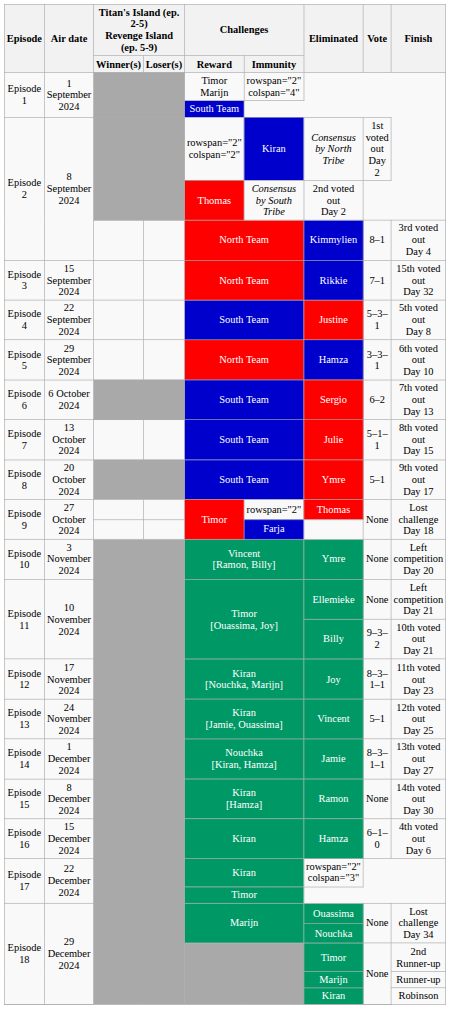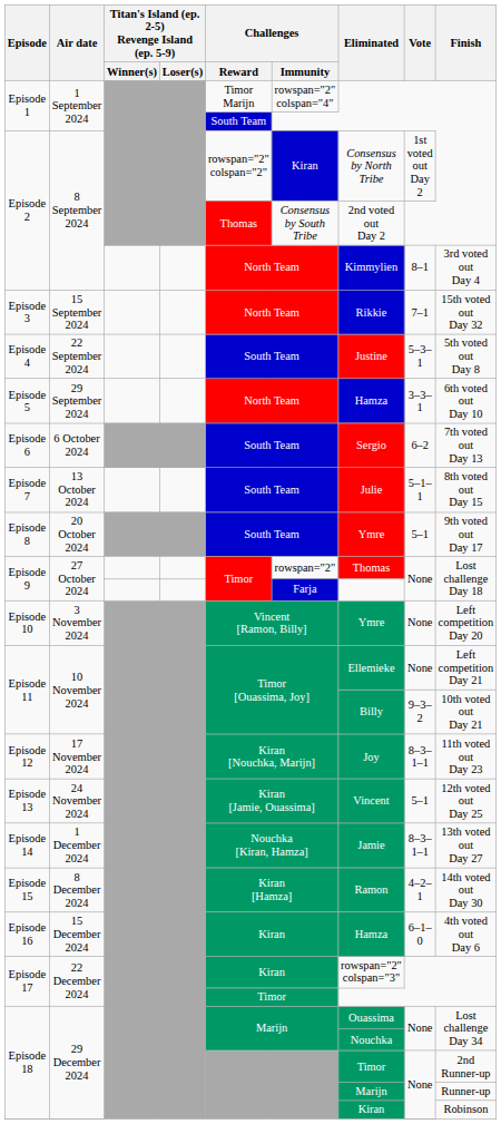 <table class="wikitable" style="margin:auto; text-align:center">
 <tr>
 <th rowspan="2">Episode</th>
 <th rowspan="2">Air date</th>
 <th colspan="2">Titan's Island (ep. 2-5)<br>Revenge Island (ep. 5-9)</th>
 <th colspan="2">Challenges</th>
 <th rowspan="2">Eliminated</th>
 <th rowspan="2">Vote</th>
 <th rowspan="2">Finish</th>
 </tr>
 <tr>
 <th>Winner(s)</th>
 <th>Loser(s)</th>
 <th>Reward</th>
 <th>Immunity</th>
 </tr>
 <tr>
 <td rowspan="2">Episode 1</td>
 <td rowspan="2">1 September 2024</td>
 <td rowspan="2" colspan="2" bgcolor="darkgrey"></td>
 <td bgcolor="">Timor<br>Marijn </td>
 <td>rowspan="2" colspan="4" </td>
 </tr>
 <tr>
 <td style="background:#0000cc; color:white;">South Team</td>
 </tr>
 <tr>
 <td rowspan="3">Episode 2</td>
 <td rowspan="3">8 September 2024</td>
 <td rowspan="2" colspan="2" bgcolor="darkgrey"></td>
 <td>rowspan="2" colspan="2" </td>
 <td style="background:#0000cc; color:white;">Kiran</td>
 <td><em>Consensus<br>by North Tribe</em></td>
 <td>1st voted out<br>Day 2</td>
 </tr>
 <tr>
 <td style="background:#ff0000; color:white;">Thomas</td>
 <td><em>Consensus<br>by South Tribe</em></td>
 <td>2nd voted out<br>Day 2</td>
 </tr>
 <tr>
 <td></td>
 <td></td>
 <td colspan="2" style="background:#ff0000; color:white;">North Team</td>
 <td style="background:#0000cc; color:white;">Kimmylien</td>
 <td>8–1</td>
 <td>3rd voted out<br>Day 4</td>
 </tr>
 <tr>
 <td>Episode 3</td>
 <td>15 September 2024</td>
 <td></td>
 <td></td>
 <td colspan="2" style="background:#ff0000; color:white;">North Team</td>
 <td style="background:#0000cc; color:white;">Rikkie</td>
 <td>7–1</td>
 <td>15th voted out<br>Day 32</td>
 </tr>
 <tr>
 <td>Episode 4</td>
 <td>22 September 2024</td>
 <td></td>
 <td></td>
 <td colspan="2" style="background:#0000cc; color:white;">South Team</td>
 <td style="background:#ff0000; color:white;">Justine</td>
 <td>5–3–1</td>
 <td>5th voted out<br>Day 8</td>
 </tr>
 <tr>
 <td>Episode 5</td>
 <td>29 September 2024</td>
 <td></td>
 <td></td>
 <td colspan="2" style="background:#ff0000; color:white;">North Team</td>
 <td style="background:#0000cc; color:white;">Hamza</td>
 <td>3–3–1</td>
 <td>6th voted out<br>Day 10</td>
 </tr>
 <tr>
 <td>Episode 6</td>
 <td>6 October 2024</td>
 <td colspan="2" bgcolor="darkgrey"></td>
 <td colspan="2" style="background:#0000cc; color:white;">South Team</td>
 <td style="background:#ff0000; color:white;">Sergio</td>
 <td>6–2</td>
 <td>7th voted out<br>Day 13</td>
 </tr>
 <tr>
 <td>Episode 7</td>
 <td>13 October 2024</td>
 <td></td>
 <td></td>
 <td colspan="2" style="background:#0000cc; color:white;">South Team</td>
 <td style="background:#ff0000; color:white;">Julie</td>
 <td>5–1–1</td>
 <td>8th voted out<br>Day 15</td>
 </tr>
 <tr>
 <td>Episode 8</td>
 <td>20 October 2024</td>
 <td colspan="2" bgcolor="darkgrey"></td>
 <td colspan="2" style="background:#0000cc; color:white;">South Team</td>
 <td style="background:#ff0000; color:white;">Ymre</td>
 <td>5–1</td>
 <td>9th voted out<br>Day 17</td>
 </tr>
 <tr>
 <td rowspan="2">Episode 9</td>
 <td rowspan="2">27 October 2024</td>
 <td></td>
 <td></td>
 <td rowspan="2" style="background:#ff0000; color:white;">Timor</td>
 <td>rowspan="2" </td>
 <td style="background:#ff0000; color:white;">Thomas</td>
 <td rowspan="2">None</td>
 <td rowspan="2">Lost challenge<br>Day 18</td>
 </tr>
 <tr>
 <td></td>
 <td></td>
 <td style="background:#0000cc; color:white;">Farja</td>
 </tr>
 <tr>
 <td>Episode 10</td>
 <td>3 November 2024</td>
 <td rowspan="100%" colspan="2" bgcolor="darkgrey"></td>
 <td colspan="2" style="background:#009966; color:white;">Vincent<br>[Ramon, Billy]</td>
 <td style="background:#009966; color:white;">Ymre</td>
 <td>None</td>
 <td>Left competition<br>Day 20</td>
 </tr>
 <tr>
 <td rowspan="2">Episode 11</td>
 <td rowspan="2">10 November 2024</td>
 <td rowspan="2" colspan="2" style="background:#009966; color:white;">Timor<br>[Ouassima, Joy]</td>
 <td style="background:#009966; color:white;">Ellemieke</td>
 <td>None</td>
 <td>Left competition<br>Day 21</td>
 </tr>
 <tr>
 <td style="background:#009966; color:white;">Billy</td>
 <td>9–3–2</td>
 <td>10th voted out<br>Day 21</td>
 </tr>
 <tr>
 <td>Episode 12</td>
 <td>17 November 2024</td>
 <td colspan="2" style="background:#009966; color:white;">Kiran<br>[Nouchka, Marijn]</td>
 <td style="background:#009966; color:white;">Joy</td>
 <td>8–3–1–1</td>
 <td>11th voted out<br>Day 23</td>
 </tr>
 <tr>
 <td>Episode 13</td>
 <td>24 November 2024</td>
 <td colspan="2" style="background:#009966; color:white;">Kiran<br>[Jamie, Ouassima]</td>
 <td style="background:#009966; color:white;">Vincent</td>
 <td>5–1</td>
 <td>12th voted out<br>Day 25</td>
 </tr>
 <tr>
 <td>Episode 14</td>
 <td>1 December 2024</td>
 <td colspan="2" style="background:#009966; color:white;">Nouchka<br>[Kiran, Hamza]</td>
 <td style="background:#009966; color:white;">Jamie</td>
 <td>8–3–1–1</td>
 <td>13th voted out<br>Day 27</td>
 </tr>
 <tr>
 <td>Episode 15</td>
 <td>8 December 2024</td>
 <td colspan="2" style="background:#009966; color:white;">Kiran<br>[Hamza]</td>
 <td style="background:#009966; color:white;">Ramon</td>
-<td>None</td>
+<td>4–2–1</td>
 <td>14th voted out<br>Day 30</td>
 </tr>
 <tr>
 <td>Episode 16</td>
 <td>15 December 2024</td>
 <td colspan="2" style="background:#009966; color:white;">Kiran</td>
 <td style="background:#009966; color:white;">Hamza</td>
 <td>6–1–0</td>
 <td>4th voted out<br>Day 6</td>
 </tr>
 <tr>
 <td rowspan="2">Episode 17</td>
 <td rowspan="2">22 December 2024</td>
 <td colspan="2" style="background:#009966; color:white;">Kiran</td>
 <td>rowspan="2" colspan="3" </td>
 </tr>
 <tr>
 <td colspan="2" style="background:#009966; color:white;">Timor</td>
 </tr>
 <tr>
 <td rowspan="5">Episode 18</td>
 <td rowspan="5">29 December 2024</td>
 <td rowspan="2" colspan="2" style="background:#009966; color:white;">Marijn</td>
 <td style="background:#009966; color:white;">Ouassima</td>
 <td rowspan="2">None</td>
 <td rowspan="2">Lost challenge<br>Day 34</td>
 </tr>
 <tr>
 <td style="background:#009966; color:white;">Nouchka</td>
 </tr>
 <tr>
 <td rowspan="100%" colspan="2" bgcolor="darkgrey"></td>
 <td style="background:#009966; color:white;">Timor</td>
 <td rowspan="3">None</td>
 <td>2nd Runner-up</td>
 </tr>
 <tr>
 <td style="background:#009966; color:white;">Marijn</td>
 <td>Runner-up</td>
 </tr>
 <tr>
 <td style="background:#009966; color:white;">Kiran</td>
 <td rowspan="2">Robinson</td>
 </tr>
 <tr>
 </tr>
 </table>
